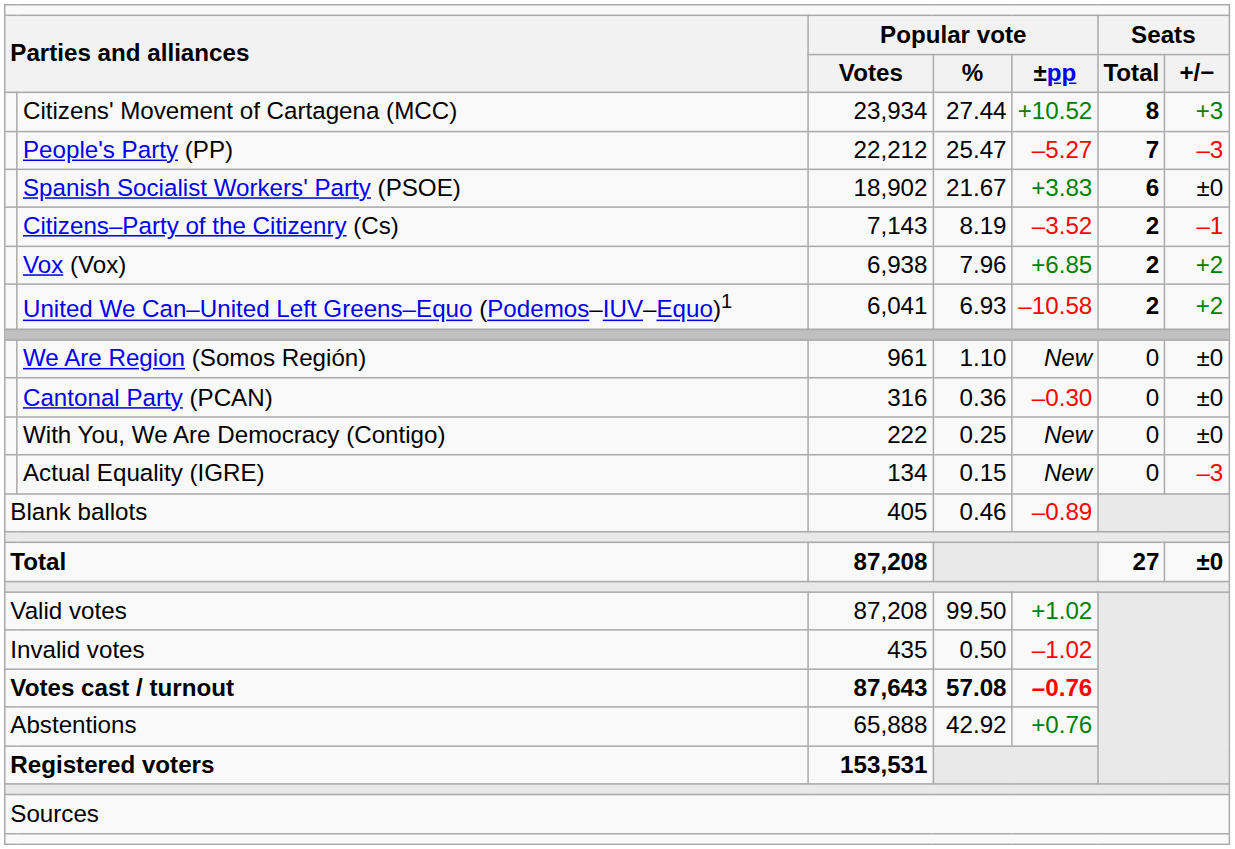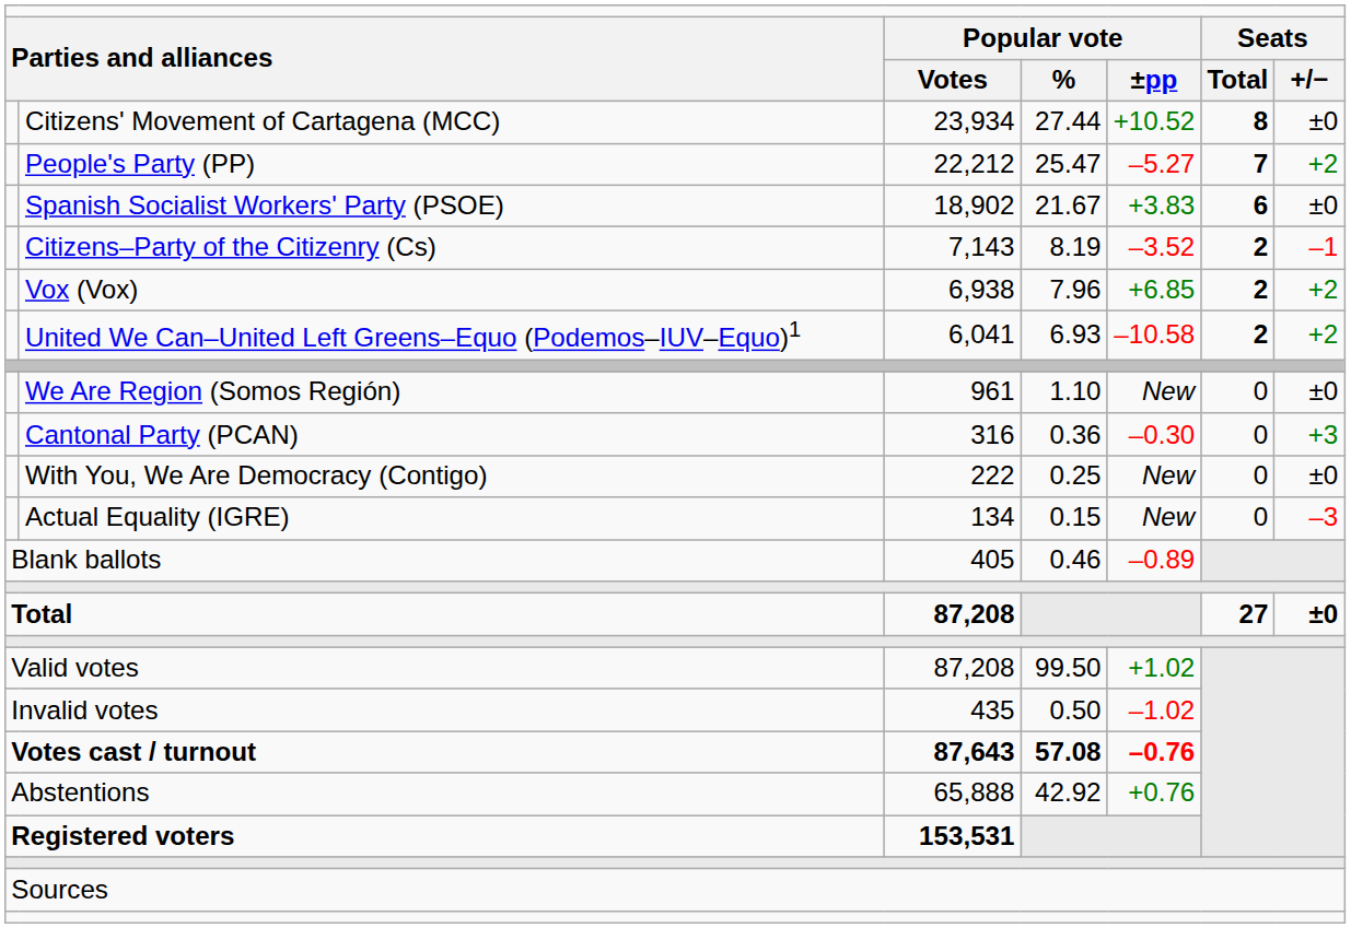 <table class="wikitable" style="text-align:right;">
 <tr>
 <td colspan="7"></td>
 </tr>
 <tr>
 <th style="text-align:left;" rowspan="2" colspan="2" width="525">Parties and alliances</th>
 <th colspan="3">Popular vote</th>
 <th colspan="2">Seats</th>
 </tr>
 <tr>
 <th width="75">Votes</th>
 <th width="45">%</th>
 <th width="45">±<a href='#'>pp</a></th>
 <th width="35">Total</th>
 <th width="35">+/−</th>
 </tr>
 <tr>
 <td width="1" style="color:inherit;background:"></td>
 <td align="left">Citizens' Movement of Cartagena (MCC)</td>
 <td>23,934</td>
 <td>27.44</td>
 <td style="color:green;">+10.52</td>
 <td><strong>8</strong></td>
-<td style="color:green;">+3</td>
+<td>±0</td>
 </tr>
 <tr>
 <td style="color:inherit;background:"></td>
 <td align="left"><a href='#'>People's Party</a> (PP)</td>
 <td>22,212</td>
 <td>25.47</td>
 <td style="color:red;">–5.27</td>
 <td><strong>7</strong></td>
-<td style="color:red;">–3</td>
+<td style="color:green;">+2</td>
 </tr>
 <tr>
 <td style="color:inherit;background:"></td>
 <td align="left"><a href='#'>Spanish Socialist Workers' Party</a> (PSOE)</td>
 <td>18,902</td>
 <td>21.67</td>
 <td style="color:green;">+3.83</td>
 <td><strong>6</strong></td>
 <td>±0</td>
 </tr>
 <tr>
 <td style="color:inherit;background:"></td>
 <td align="left"><a href='#'>Citizens–Party of the Citizenry</a> (Cs)</td>
 <td>7,143</td>
 <td>8.19</td>
 <td style="color:red;">–3.52</td>
 <td><strong>2</strong></td>
 <td style="color:red;">–1</td>
 </tr>
 <tr>
 <td style="color:inherit;background:"></td>
 <td align="left"><a href='#'>Vox</a> (Vox)</td>
 <td>6,938</td>
 <td>7.96</td>
 <td style="color:green;">+6.85</td>
 <td><strong>2</strong></td>
 <td style="color:green;">+2</td>
 </tr>
 <tr>
 <td style="color:inherit;background:"></td>
 <td align="left"><a href='#'>United We Can–United Left Greens–Equo</a> (<a href='#'>Podemos</a>–<a href='#'>IUV</a>–<a href='#'>Equo</a>)<sup>1</sup></td>
 <td>6,041</td>
 <td>6.93</td>
 <td style="color:red;">–10.58</td>
 <td><strong>2</strong></td>
 <td style="color:green;">+2</td>
 </tr>
 <tr>
 <td colspan="7" bgcolor="#C0C0C0"></td>
 </tr>
 <tr>
 <td style="color:inherit;background:"></td>
 <td align="left"><a href='#'>We Are Region</a> (Somos Región)</td>
 <td>961</td>
 <td>1.10</td>
 <td><em>New</em></td>
 <td>0</td>
 <td>±0</td>
 </tr>
 <tr>
 <td style="color:inherit;background:"></td>
 <td align="left"><a href='#'>Cantonal Party</a> (PCAN)</td>
 <td>316</td>
 <td>0.36</td>
 <td style="color:red;">–0.30</td>
 <td>0</td>
-<td>±0</td>
+<td style="color:green;">+3</td>
 </tr>
 <tr>
 <td style="color:inherit;background:"></td>
 <td align="left">With You, We Are Democracy (Contigo)</td>
 <td>222</td>
 <td>0.25</td>
 <td><em>New</em></td>
 <td>0</td>
 <td>±0</td>
 </tr>
 <tr>
 <td style="color:inherit;background:"></td>
 <td align="left">Actual Equality (IGRE)</td>
 <td>134</td>
 <td>0.15</td>
 <td><em>New</em></td>
 <td>0</td>
 <td style="color:red;">–3</td>
 </tr>
 <tr>
 <td align="left" colspan="2">Blank ballots</td>
 <td>405</td>
 <td>0.46</td>
 <td style="color:red;">–0.89</td>
 <td bgcolor="#E9E9E9" colspan="2"></td>
 </tr>
 <tr>
 <td colspan="7" bgcolor="#E9E9E9"></td>
 </tr>
 <tr style="font-weight:bold;">
 <td align="left" colspan="2">Total</td>
 <td>87,208</td>
 <td bgcolor="#E9E9E9" colspan="2"></td>
 <td>27</td>
 <td>±0</td>
 </tr>
 <tr>
 <td colspan="7" bgcolor="#E9E9E9"></td>
 </tr>
 <tr>
 <td align="left" colspan="2">Valid votes</td>
 <td>87,208</td>
 <td>99.50</td>
 <td style="color:green;">+1.02</td>
 <td bgcolor="#E9E9E9" colspan="2" rowspan="5"></td>
 </tr>
 <tr>
 <td align="left" colspan="2">Invalid votes</td>
 <td>435</td>
 <td>0.50</td>
 <td style="color:red;">–1.02</td>
 </tr>
 <tr style="font-weight:bold;">
 <td align="left" colspan="2">Votes cast / turnout</td>
 <td>87,643</td>
 <td>57.08</td>
 <td style="color:red;">–0.76</td>
 </tr>
 <tr>
 <td align="left" colspan="2">Abstentions</td>
 <td>65,888</td>
 <td>42.92</td>
 <td style="color:green;">+0.76</td>
 </tr>
 <tr style="font-weight:bold;">
 <td align="left" colspan="2">Registered voters</td>
 <td>153,531</td>
 <td bgcolor="#E9E9E9" colspan="2"></td>
 </tr>
 <tr>
 <td colspan="7" bgcolor="#E9E9E9"></td>
 </tr>
 <tr>
 <td align="left" colspan="7">Sources</td>
 </tr>
 <tr>
 <td colspan="7" style="text-align:left; max-width:790px;"></td>
 </tr>
 </table>
